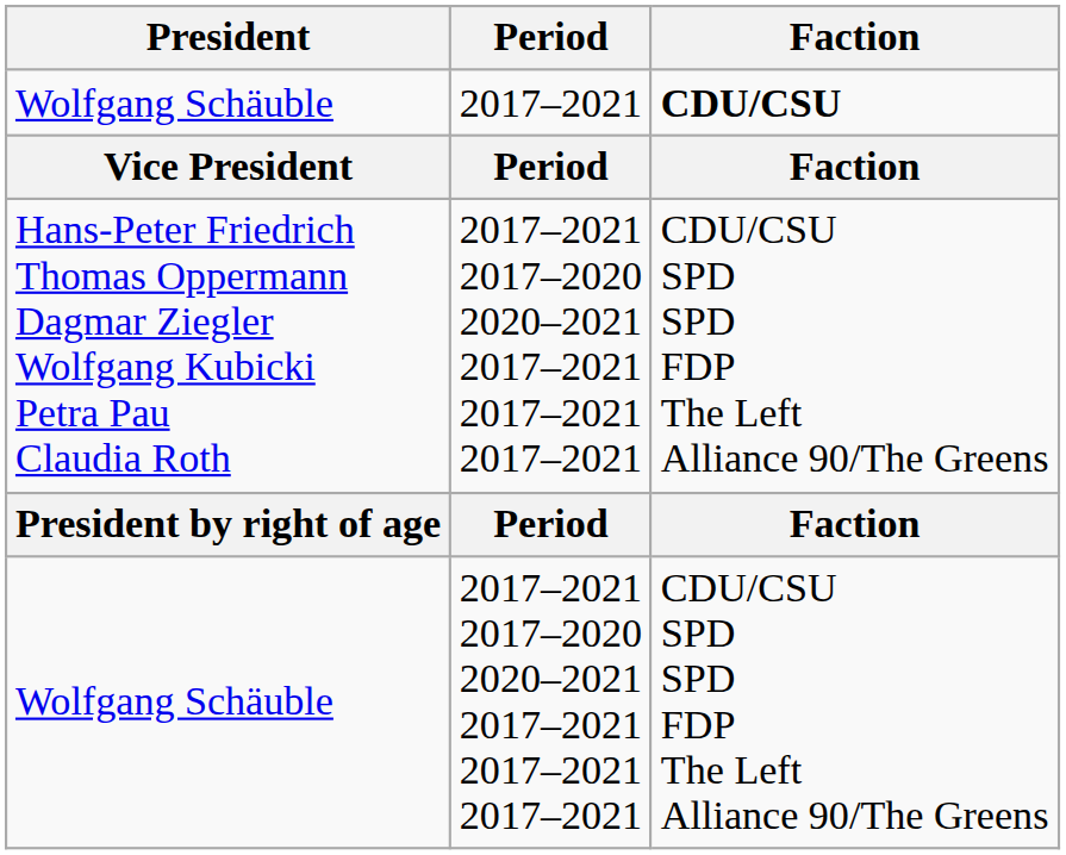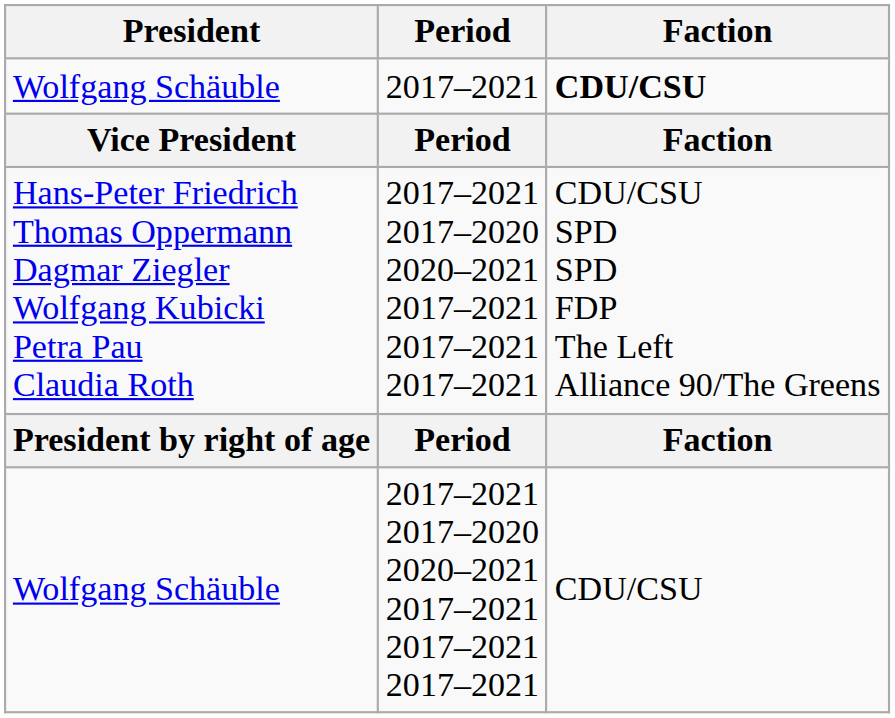 <table class="wikitable">
 <tr>
 <th>President</th>
 <th>Period</th>
 <th>Faction</th>
 </tr>
 <tr>
 <td><a href='#'>Wolfgang Schäuble</a></td>
 <td>2017–2021</td>
 <td><strong>CDU/CSU</strong></td>
 </tr>
 <tr>
 <th>Vice President</th>
 <th>Period</th>
 <th>Faction</th>
 </tr>
 <tr>
 <td><a href='#'>Hans-Peter Friedrich</a><br><a href='#'>Thomas Oppermann</a><br><a href='#'>Dagmar Ziegler</a><br><a href='#'>Wolfgang Kubicki</a><br><a href='#'>Petra Pau</a><br><a href='#'>Claudia Roth</a></td>
 <td>2017–2021<br>2017–2020<br>2020–2021<br>2017–2021<br>2017–2021<br>2017–2021</td>
 <td>CDU/CSU<br>SPD<br>SPD<br>FDP<br>The Left<br>Alliance 90/The Greens</td>
 </tr>
 <tr>
 <th>President by right of age</th>
 <th>Period</th>
 <th>Faction</th>
 </tr>
 <tr>
 <td><a href='#'>Wolfgang Schäuble</a></td>
 <td>2017–2021<br>2017–2020<br>2020–2021<br>2017–2021<br>2017–2021<br>2017–2021</td>
-<td>CDU/CSU<br>SPD<br>SPD<br>FDP<br>The Left<br>Alliance 90/The Greens</td>
+<td>CDU/CSU</td>
 </tr>
 </table>
